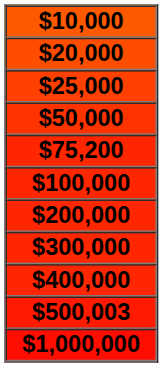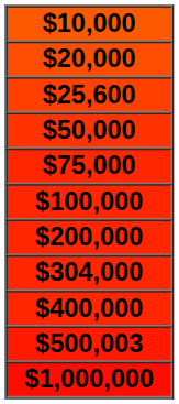 <table border=1 cellspacing=0 cellpadding =1 width=105px|->
 <tr>
 <td bgcolor="#FF5900" align=center><span><strong>$10,000</strong></span></td>
 </tr>
 <tr>
 <td bgcolor="#FF4D00" align=center><span><strong>$20,000</strong></span></td>
 </tr>
 <tr>
-<td bgcolor="#FF4000" align=center><span><strong>$25,000</strong></span></td>
+<td bgcolor="#FF4000" align=center><span><strong>$25,600</strong></span></td>
 </tr>
 <tr>
 <td bgcolor="#FF3300" align=center><span><strong>$50,000</strong></span></td>
 </tr>
 <tr>
-<td bgcolor="#FF2600" align=center><span><strong>$75,200</strong></span></td>
+<td bgcolor="#FF2600" align=center><span><strong>$75,000</strong></span></td>
 </tr>
 <tr>
 <td bgcolor="#FF2600" align=center><span><strong>$100,000</strong></span></td>
 </tr>
 <tr>
 <td bgcolor="#FF2600" align=center><span><strong>$200,000</strong></span></td>
 </tr>
 <tr>
-<td bgcolor="#FF2600" align=center><span><strong>$300,000</strong></span></td>
+<td bgcolor="#FF2600" align=center><span><strong>$304,000</strong></span></td>
 </tr>
 <tr>
 <td bgcolor="#FF2600" align=center><span><strong>$400,000</strong></span></td>
 </tr>
 <tr>
 <td bgcolor="#FF1A00" align=center><span><strong>$500,003</strong></span></td>
 </tr>
 <tr>
 <td bgcolor="#FF0D00" align=center><span><strong>$1,000,000</strong></span></td>
 </tr>
 </table>
